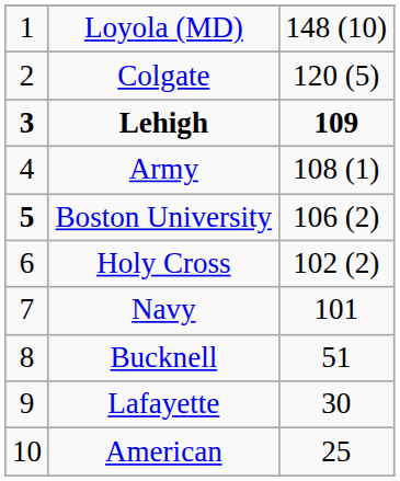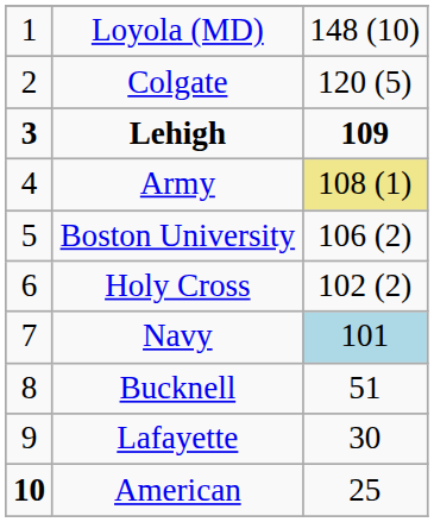 <table class="wikitable">
 <tr align=center>
 </tr>
 <tr align="center">
 <td>1</td>
 <td><a href='#'>Loyola (MD)</a></td>
 <td>148 (10)</td>
 </tr>
 <tr align="center">
 <td>2</td>
 <td><a href='#'>Colgate</a></td>
 <td>120 (5)</td>
 </tr>
 <tr align="center">
 <td><strong>3</strong></td>
 <td><strong>Lehigh</strong></td>
 <td><strong>109</strong></td>
 </tr>
 <tr align="center">
 <td>4</td>
 <td><a href='#'>Army</a></td>
-<td>108 (1)</td>
+<td style="background: khaki;">108 (1)</td>
 </tr>
 <tr align="center">
-<td><strong>5</strong></td>
+<td>5</td>
 <td><a href='#'>Boston University</a></td>
 <td>106 (2)</td>
 </tr>
 <tr align="center">
 <td>6</td>
 <td><a href='#'>Holy Cross</a></td>
 <td>102 (2)</td>
 </tr>
 <tr align="center">
 <td>7</td>
 <td><a href='#'>Navy</a></td>
-<td>101</td>
+<td style="background: lightblue;">101</td>
 </tr>
 <tr align="center">
 <td>8</td>
 <td><a href='#'>Bucknell</a></td>
 <td>51</td>
 </tr>
 <tr align="center">
 <td>9</td>
 <td><a href='#'>Lafayette</a></td>
 <td>30</td>
 </tr>
 <tr align="center">
-<td>10</td>
+<td><strong>10</strong></td>
 <td><a href='#'>American</a></td>
 <td>25</td>
 </tr>
 </table>
